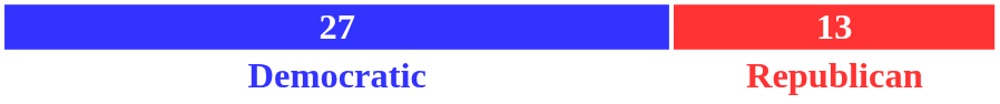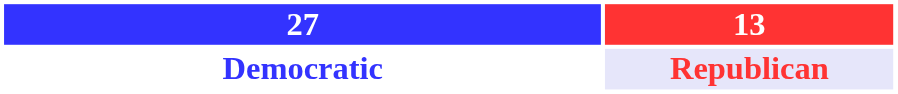 <table style="width:50%">
 <tr>
 <td scope="row" colspan="4" style="text-align:center"></td>
 </tr>
 <tr>
 <td scope="row" style="background:#33F; width:67.5%; text-align:center; color:white"><strong>27</strong></td>
 <td style="background:#F33; width:32.5%; text-align:center; color:white"><strong>13</strong></td>
 </tr>
 <tr>
 <td scope="row" style="text-align:center; color:#33F"><strong>Democratic</strong></td>
-<td style="text-align:center; color:#F33"><strong>Republican</strong></td>
+<td style="background: lavender; text-align:center; color:#F33"><strong>Republican</strong></td>
 </tr>
 </table>
